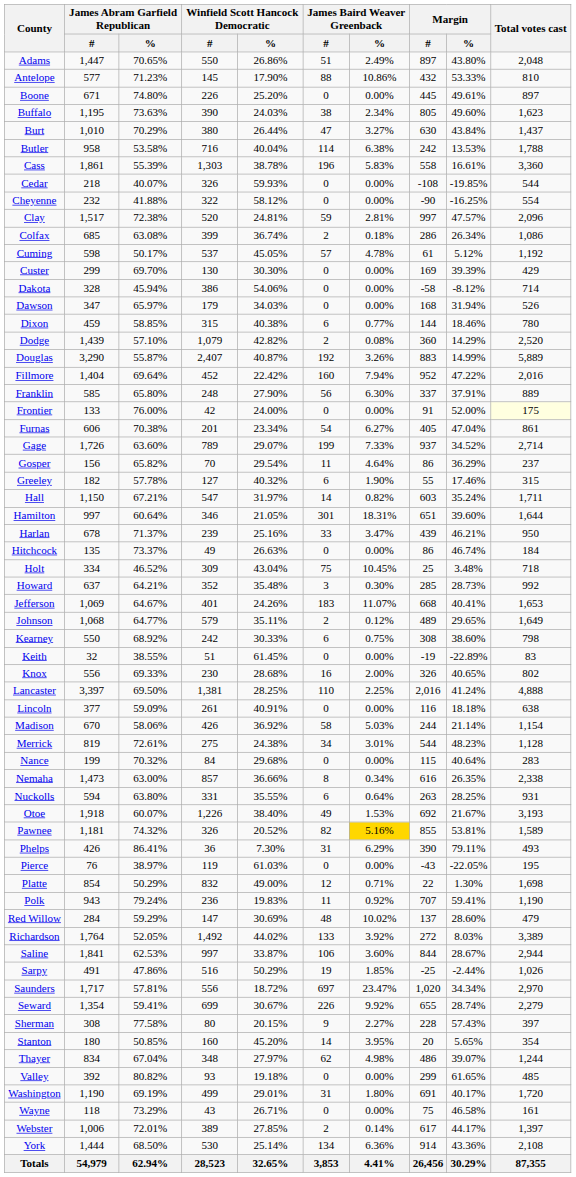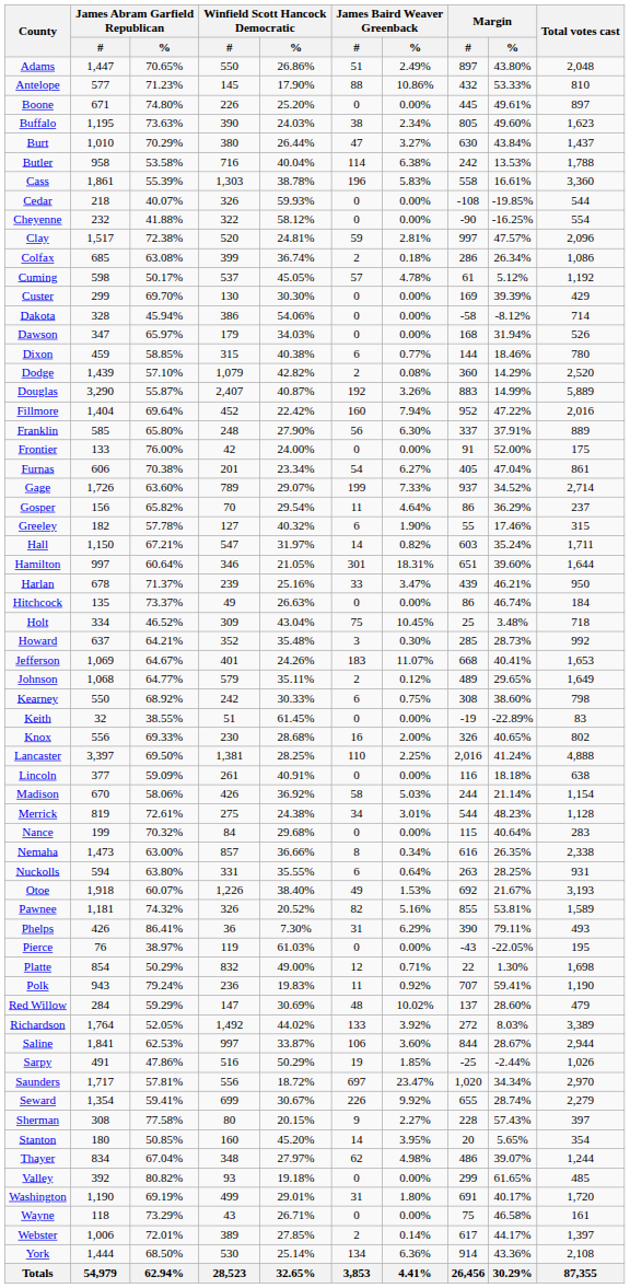 <table width="65%" class="wikitable sortable" style="text-align:center">
 <tr>
 <th style="text-align:center;" rowspan="2">County</th>
 <th style="text-align:center;" colspan="2">James Abram Garfield<br>Republican</th>
 <th style="text-align:center;" colspan="2">Winfield Scott Hancock<br>Democratic</th>
 <th style="text-align:center;" colspan="2">James Baird Weaver<br>Greenback</th>
 <th style="text-align:center;" colspan="2">Margin</th>
 <th style="text-align:center;" rowspan="2">Total votes cast</th>
 </tr>
 <tr>
 <th data-sort-type="number">#</th>
 <th data-sort-type="number">%</th>
 <th data-sort-type="number">#</th>
 <th data-sort-type="number">%</th>
 <th data-sort-type="number">#</th>
 <th data-sort-type="number">%</th>
 <th data-sort-type="number">#</th>
 <th data-sort-type="number">%</th>
 </tr>
 <tr style="text-align:center;">
 <td><a href='#'>Adams</a></td>
 <td>1,447</td>
 <td>70.65%</td>
 <td>550</td>
 <td>26.86%</td>
 <td>51</td>
 <td>2.49%</td>
 <td>897</td>
 <td>43.80%</td>
 <td>2,048</td>
 </tr>
 <tr style="text-align:center;">
 <td><a href='#'>Antelope</a></td>
 <td>577</td>
 <td>71.23%</td>
 <td>145</td>
 <td>17.90%</td>
 <td>88</td>
 <td>10.86%</td>
 <td>432</td>
 <td>53.33%</td>
 <td>810</td>
 </tr>
 <tr style="text-align:center;">
 <td><a href='#'>Boone</a></td>
 <td>671</td>
 <td>74.80%</td>
 <td>226</td>
 <td>25.20%</td>
 <td>0</td>
 <td>0.00%</td>
 <td>445</td>
 <td>49.61%</td>
 <td>897</td>
 </tr>
 <tr style="text-align:center;">
 <td><a href='#'>Buffalo</a></td>
 <td>1,195</td>
 <td>73.63%</td>
 <td>390</td>
 <td>24.03%</td>
 <td>38</td>
 <td>2.34%</td>
 <td>805</td>
 <td>49.60%</td>
 <td>1,623</td>
 </tr>
 <tr style="text-align:center;">
 <td><a href='#'>Burt</a></td>
 <td>1,010</td>
 <td>70.29%</td>
 <td>380</td>
 <td>26.44%</td>
 <td>47</td>
 <td>3.27%</td>
 <td>630</td>
 <td>43.84%</td>
 <td>1,437</td>
 </tr>
 <tr style="text-align:center;">
 <td><a href='#'>Butler</a></td>
 <td>958</td>
 <td>53.58%</td>
 <td>716</td>
 <td>40.04%</td>
 <td>114</td>
 <td>6.38%</td>
 <td>242</td>
 <td>13.53%</td>
 <td>1,788</td>
 </tr>
 <tr style="text-align:center;">
 <td><a href='#'>Cass</a></td>
 <td>1,861</td>
 <td>55.39%</td>
 <td>1,303</td>
 <td>38.78%</td>
 <td>196</td>
 <td>5.83%</td>
 <td>558</td>
 <td>16.61%</td>
 <td>3,360</td>
 </tr>
 <tr style="text-align:center;">
 <td><a href='#'>Cedar</a></td>
 <td>218</td>
 <td>40.07%</td>
 <td>326</td>
 <td>59.93%</td>
 <td>0</td>
 <td>0.00%</td>
 <td>-108</td>
 <td>-19.85%</td>
 <td>544</td>
 </tr>
 <tr style="text-align:center;">
 <td><a href='#'>Cheyenne</a></td>
 <td>232</td>
 <td>41.88%</td>
 <td>322</td>
 <td>58.12%</td>
 <td>0</td>
 <td>0.00%</td>
 <td>-90</td>
 <td>-16.25%</td>
 <td>554</td>
 </tr>
 <tr style="text-align:center;">
 <td><a href='#'>Clay</a></td>
 <td>1,517</td>
 <td>72.38%</td>
 <td>520</td>
 <td>24.81%</td>
 <td>59</td>
 <td>2.81%</td>
 <td>997</td>
 <td>47.57%</td>
 <td>2,096</td>
 </tr>
 <tr style="text-align:center;">
 <td><a href='#'>Colfax</a></td>
 <td>685</td>
 <td>63.08%</td>
 <td>399</td>
 <td>36.74%</td>
 <td>2</td>
 <td>0.18%</td>
 <td>286</td>
 <td>26.34%</td>
 <td>1,086</td>
 </tr>
 <tr style="text-align:center;">
 <td><a href='#'>Cuming</a></td>
 <td>598</td>
 <td>50.17%</td>
 <td>537</td>
 <td>45.05%</td>
 <td>57</td>
 <td>4.78%</td>
 <td>61</td>
 <td>5.12%</td>
 <td>1,192</td>
 </tr>
 <tr style="text-align:center;">
 <td><a href='#'>Custer</a></td>
 <td>299</td>
 <td>69.70%</td>
 <td>130</td>
 <td>30.30%</td>
 <td>0</td>
 <td>0.00%</td>
 <td>169</td>
 <td>39.39%</td>
 <td>429</td>
 </tr>
 <tr style="text-align:center;">
 <td><a href='#'>Dakota</a></td>
 <td>328</td>
 <td>45.94%</td>
 <td>386</td>
 <td>54.06%</td>
 <td>0</td>
 <td>0.00%</td>
 <td>-58</td>
 <td>-8.12%</td>
 <td>714</td>
 </tr>
 <tr style="text-align:center;">
 <td><a href='#'>Dawson</a></td>
 <td>347</td>
 <td>65.97%</td>
 <td>179</td>
 <td>34.03%</td>
 <td>0</td>
 <td>0.00%</td>
 <td>168</td>
 <td>31.94%</td>
 <td>526</td>
 </tr>
 <tr style="text-align:center;">
 <td><a href='#'>Dixon</a></td>
 <td>459</td>
 <td>58.85%</td>
 <td>315</td>
 <td>40.38%</td>
 <td>6</td>
 <td>0.77%</td>
 <td>144</td>
 <td>18.46%</td>
 <td>780</td>
 </tr>
 <tr style="text-align:center;">
 <td><a href='#'>Dodge</a></td>
 <td>1,439</td>
 <td>57.10%</td>
 <td>1,079</td>
 <td>42.82%</td>
 <td>2</td>
 <td>0.08%</td>
 <td>360</td>
 <td>14.29%</td>
 <td>2,520</td>
 </tr>
 <tr style="text-align:center;">
 <td><a href='#'>Douglas</a></td>
 <td>3,290</td>
 <td>55.87%</td>
 <td>2,407</td>
 <td>40.87%</td>
 <td>192</td>
 <td>3.26%</td>
 <td>883</td>
 <td>14.99%</td>
 <td>5,889</td>
 </tr>
 <tr style="text-align:center;">
 <td><a href='#'>Fillmore</a></td>
 <td>1,404</td>
 <td>69.64%</td>
 <td>452</td>
 <td>22.42%</td>
 <td>160</td>
 <td>7.94%</td>
 <td>952</td>
 <td>47.22%</td>
 <td>2,016</td>
 </tr>
 <tr style="text-align:center;">
 <td><a href='#'>Franklin</a></td>
 <td>585</td>
 <td>65.80%</td>
 <td>248</td>
 <td>27.90%</td>
 <td>56</td>
 <td>6.30%</td>
 <td>337</td>
 <td>37.91%</td>
 <td>889</td>
 </tr>
 <tr style="text-align:center;">
 <td><a href='#'>Frontier</a></td>
 <td>133</td>
 <td>76.00%</td>
 <td>42</td>
 <td>24.00%</td>
 <td>0</td>
 <td>0.00%</td>
 <td>91</td>
 <td>52.00%</td>
-<td style="background: lightyellow;">175</td>
+<td>175</td>
 </tr>
 <tr style="text-align:center;">
 <td><a href='#'>Furnas</a></td>
 <td>606</td>
 <td>70.38%</td>
 <td>201</td>
 <td>23.34%</td>
 <td>54</td>
 <td>6.27%</td>
 <td>405</td>
 <td>47.04%</td>
 <td>861</td>
 </tr>
 <tr style="text-align:center;">
 <td><a href='#'>Gage</a></td>
 <td>1,726</td>
 <td>63.60%</td>
 <td>789</td>
 <td>29.07%</td>
 <td>199</td>
 <td>7.33%</td>
 <td>937</td>
 <td>34.52%</td>
 <td>2,714</td>
 </tr>
 <tr style="text-align:center;">
 <td><a href='#'>Gosper</a></td>
 <td>156</td>
 <td>65.82%</td>
 <td>70</td>
 <td>29.54%</td>
 <td>11</td>
 <td>4.64%</td>
 <td>86</td>
 <td>36.29%</td>
 <td>237</td>
 </tr>
 <tr style="text-align:center;">
 <td><a href='#'>Greeley</a></td>
 <td>182</td>
 <td>57.78%</td>
 <td>127</td>
 <td>40.32%</td>
 <td>6</td>
 <td>1.90%</td>
 <td>55</td>
 <td>17.46%</td>
 <td>315</td>
 </tr>
 <tr style="text-align:center;">
 <td><a href='#'>Hall</a></td>
 <td>1,150</td>
 <td>67.21%</td>
 <td>547</td>
 <td>31.97%</td>
 <td>14</td>
 <td>0.82%</td>
 <td>603</td>
 <td>35.24%</td>
 <td>1,711</td>
 </tr>
 <tr style="text-align:center;">
 <td><a href='#'>Hamilton</a></td>
 <td>997</td>
 <td>60.64%</td>
 <td>346</td>
 <td>21.05%</td>
 <td>301</td>
 <td>18.31%</td>
 <td>651</td>
 <td>39.60%</td>
 <td>1,644</td>
 </tr>
 <tr style="text-align:center;">
 <td><a href='#'>Harlan</a></td>
 <td>678</td>
 <td>71.37%</td>
 <td>239</td>
 <td>25.16%</td>
 <td>33</td>
 <td>3.47%</td>
 <td>439</td>
 <td>46.21%</td>
 <td>950</td>
 </tr>
 <tr style="text-align:center;">
 <td><a href='#'>Hitchcock</a></td>
 <td>135</td>
 <td>73.37%</td>
 <td>49</td>
 <td>26.63%</td>
 <td>0</td>
 <td>0.00%</td>
 <td>86</td>
 <td>46.74%</td>
 <td>184</td>
 </tr>
 <tr style="text-align:center;">
 <td><a href='#'>Holt</a></td>
 <td>334</td>
 <td>46.52%</td>
 <td>309</td>
 <td>43.04%</td>
 <td>75</td>
 <td>10.45%</td>
 <td>25</td>
 <td>3.48%</td>
 <td>718</td>
 </tr>
 <tr style="text-align:center;">
 <td><a href='#'>Howard</a></td>
 <td>637</td>
 <td>64.21%</td>
 <td>352</td>
 <td>35.48%</td>
 <td>3</td>
 <td>0.30%</td>
 <td>285</td>
 <td>28.73%</td>
 <td>992</td>
 </tr>
 <tr style="text-align:center;">
 <td><a href='#'>Jefferson</a></td>
 <td>1,069</td>
 <td>64.67%</td>
 <td>401</td>
 <td>24.26%</td>
 <td>183</td>
 <td>11.07%</td>
 <td>668</td>
 <td>40.41%</td>
 <td>1,653</td>
 </tr>
 <tr style="text-align:center;">
 <td><a href='#'>Johnson</a></td>
 <td>1,068</td>
 <td>64.77%</td>
 <td>579</td>
 <td>35.11%</td>
 <td>2</td>
 <td>0.12%</td>
 <td>489</td>
 <td>29.65%</td>
 <td>1,649</td>
 </tr>
 <tr style="text-align:center;">
 <td><a href='#'>Kearney</a></td>
 <td>550</td>
 <td>68.92%</td>
 <td>242</td>
 <td>30.33%</td>
 <td>6</td>
 <td>0.75%</td>
 <td>308</td>
 <td>38.60%</td>
 <td>798</td>
 </tr>
 <tr style="text-align:center;">
 <td><a href='#'>Keith</a></td>
 <td>32</td>
 <td>38.55%</td>
 <td>51</td>
 <td>61.45%</td>
 <td>0</td>
 <td>0.00%</td>
 <td>-19</td>
 <td>-22.89%</td>
 <td>83</td>
 </tr>
 <tr style="text-align:center;">
 <td><a href='#'>Knox</a></td>
 <td>556</td>
 <td>69.33%</td>
 <td>230</td>
 <td>28.68%</td>
 <td>16</td>
 <td>2.00%</td>
 <td>326</td>
 <td>40.65%</td>
 <td>802</td>
 </tr>
 <tr style="text-align:center;">
 <td><a href='#'>Lancaster</a></td>
 <td>3,397</td>
 <td>69.50%</td>
 <td>1,381</td>
 <td>28.25%</td>
 <td>110</td>
 <td>2.25%</td>
 <td>2,016</td>
 <td>41.24%</td>
 <td>4,888</td>
 </tr>
 <tr style="text-align:center;">
 <td><a href='#'>Lincoln</a></td>
 <td>377</td>
 <td>59.09%</td>
 <td>261</td>
 <td>40.91%</td>
 <td>0</td>
 <td>0.00%</td>
 <td>116</td>
 <td>18.18%</td>
 <td>638</td>
 </tr>
 <tr style="text-align:center;">
 <td><a href='#'>Madison</a></td>
 <td>670</td>
 <td>58.06%</td>
 <td>426</td>
 <td>36.92%</td>
 <td>58</td>
 <td>5.03%</td>
 <td>244</td>
 <td>21.14%</td>
 <td>1,154</td>
 </tr>
 <tr style="text-align:center;">
 <td><a href='#'>Merrick</a></td>
 <td>819</td>
 <td>72.61%</td>
 <td>275</td>
 <td>24.38%</td>
 <td>34</td>
 <td>3.01%</td>
 <td>544</td>
 <td>48.23%</td>
 <td>1,128</td>
 </tr>
 <tr style="text-align:center;">
 <td><a href='#'>Nance</a></td>
 <td>199</td>
 <td>70.32%</td>
 <td>84</td>
 <td>29.68%</td>
 <td>0</td>
 <td>0.00%</td>
 <td>115</td>
 <td>40.64%</td>
 <td>283</td>
 </tr>
 <tr style="text-align:center;">
 <td><a href='#'>Nemaha</a></td>
 <td>1,473</td>
 <td>63.00%</td>
 <td>857</td>
 <td>36.66%</td>
 <td>8</td>
 <td>0.34%</td>
 <td>616</td>
 <td>26.35%</td>
 <td>2,338</td>
 </tr>
 <tr style="text-align:center;">
 <td><a href='#'>Nuckolls</a></td>
 <td>594</td>
 <td>63.80%</td>
 <td>331</td>
 <td>35.55%</td>
 <td>6</td>
 <td>0.64%</td>
 <td>263</td>
 <td>28.25%</td>
 <td>931</td>
 </tr>
 <tr style="text-align:center;">
 <td><a href='#'>Otoe</a></td>
 <td>1,918</td>
 <td>60.07%</td>
 <td>1,226</td>
 <td>38.40%</td>
 <td>49</td>
 <td>1.53%</td>
 <td>692</td>
 <td>21.67%</td>
 <td>3,193</td>
 </tr>
 <tr style="text-align:center;">
 <td><a href='#'>Pawnee</a></td>
 <td>1,181</td>
 <td>74.32%</td>
 <td>326</td>
 <td>20.52%</td>
 <td>82</td>
-<td style="background: gold;">5.16%</td>
+<td>5.16%</td>
 <td>855</td>
 <td>53.81%</td>
 <td>1,589</td>
 </tr>
 <tr style="text-align:center;">
 <td><a href='#'>Phelps</a></td>
 <td>426</td>
 <td>86.41%</td>
 <td>36</td>
 <td>7.30%</td>
 <td>31</td>
 <td>6.29%</td>
 <td>390</td>
 <td>79.11%</td>
 <td>493</td>
 </tr>
 <tr style="text-align:center;">
 <td><a href='#'>Pierce</a></td>
 <td>76</td>
 <td>38.97%</td>
 <td>119</td>
 <td>61.03%</td>
 <td>0</td>
 <td>0.00%</td>
 <td>-43</td>
 <td>-22.05%</td>
 <td>195</td>
 </tr>
 <tr style="text-align:center;">
 <td><a href='#'>Platte</a></td>
 <td>854</td>
 <td>50.29%</td>
 <td>832</td>
 <td>49.00%</td>
 <td>12</td>
 <td>0.71%</td>
 <td>22</td>
 <td>1.30%</td>
 <td>1,698</td>
 </tr>
 <tr style="text-align:center;">
 <td><a href='#'>Polk</a></td>
 <td>943</td>
 <td>79.24%</td>
 <td>236</td>
 <td>19.83%</td>
 <td>11</td>
 <td>0.92%</td>
 <td>707</td>
 <td>59.41%</td>
 <td>1,190</td>
 </tr>
 <tr style="text-align:center;">
 <td><a href='#'>Red Willow</a></td>
 <td>284</td>
 <td>59.29%</td>
 <td>147</td>
 <td>30.69%</td>
 <td>48</td>
 <td>10.02%</td>
 <td>137</td>
 <td>28.60%</td>
 <td>479</td>
 </tr>
 <tr style="text-align:center;">
 <td><a href='#'>Richardson</a></td>
 <td>1,764</td>
 <td>52.05%</td>
 <td>1,492</td>
 <td>44.02%</td>
 <td>133</td>
 <td>3.92%</td>
 <td>272</td>
 <td>8.03%</td>
 <td>3,389</td>
 </tr>
 <tr style="text-align:center;">
 <td><a href='#'>Saline</a></td>
 <td>1,841</td>
 <td>62.53%</td>
 <td>997</td>
 <td>33.87%</td>
 <td>106</td>
 <td>3.60%</td>
 <td>844</td>
 <td>28.67%</td>
 <td>2,944</td>
 </tr>
 <tr style="text-align:center;">
 <td><a href='#'>Sarpy</a></td>
 <td>491</td>
 <td>47.86%</td>
 <td>516</td>
 <td>50.29%</td>
 <td>19</td>
 <td>1.85%</td>
 <td>-25</td>
 <td>-2.44%</td>
 <td>1,026</td>
 </tr>
 <tr style="text-align:center;">
 <td><a href='#'>Saunders</a></td>
 <td>1,717</td>
 <td>57.81%</td>
 <td>556</td>
 <td>18.72%</td>
 <td>697</td>
 <td>23.47%</td>
 <td>1,020</td>
 <td>34.34%</td>
 <td>2,970</td>
 </tr>
 <tr style="text-align:center;">
 <td><a href='#'>Seward</a></td>
 <td>1,354</td>
 <td>59.41%</td>
 <td>699</td>
 <td>30.67%</td>
 <td>226</td>
 <td>9.92%</td>
 <td>655</td>
 <td>28.74%</td>
 <td>2,279</td>
 </tr>
 <tr style="text-align:center;">
 <td><a href='#'>Sherman</a></td>
 <td>308</td>
 <td>77.58%</td>
 <td>80</td>
 <td>20.15%</td>
 <td>9</td>
 <td>2.27%</td>
 <td>228</td>
 <td>57.43%</td>
 <td>397</td>
 </tr>
 <tr style="text-align:center;">
 <td><a href='#'>Stanton</a></td>
 <td>180</td>
 <td>50.85%</td>
 <td>160</td>
 <td>45.20%</td>
 <td>14</td>
 <td>3.95%</td>
 <td>20</td>
 <td>5.65%</td>
 <td>354</td>
 </tr>
 <tr style="text-align:center;">
 <td><a href='#'>Thayer</a></td>
 <td>834</td>
 <td>67.04%</td>
 <td>348</td>
 <td>27.97%</td>
 <td>62</td>
 <td>4.98%</td>
 <td>486</td>
 <td>39.07%</td>
 <td>1,244</td>
 </tr>
 <tr style="text-align:center;">
 <td><a href='#'>Valley</a></td>
 <td>392</td>
 <td>80.82%</td>
 <td>93</td>
 <td>19.18%</td>
 <td>0</td>
 <td>0.00%</td>
 <td>299</td>
 <td>61.65%</td>
 <td>485</td>
 </tr>
 <tr style="text-align:center;">
 <td><a href='#'>Washington</a></td>
 <td>1,190</td>
 <td>69.19%</td>
 <td>499</td>
 <td>29.01%</td>
 <td>31</td>
 <td>1.80%</td>
 <td>691</td>
 <td>40.17%</td>
 <td>1,720</td>
 </tr>
 <tr style="text-align:center;">
 <td><a href='#'>Wayne</a></td>
 <td>118</td>
 <td>73.29%</td>
 <td>43</td>
 <td>26.71%</td>
 <td>0</td>
 <td>0.00%</td>
 <td>75</td>
 <td>46.58%</td>
 <td>161</td>
 </tr>
 <tr style="text-align:center;">
 <td><a href='#'>Webster</a></td>
 <td>1,006</td>
 <td>72.01%</td>
 <td>389</td>
 <td>27.85%</td>
 <td>2</td>
 <td>0.14%</td>
 <td>617</td>
 <td>44.17%</td>
 <td>1,397</td>
 </tr>
 <tr style="text-align:center;">
 <td><a href='#'>York</a></td>
 <td>1,444</td>
 <td>68.50%</td>
 <td>530</td>
 <td>25.14%</td>
 <td>134</td>
 <td>6.36%</td>
 <td>914</td>
 <td>43.36%</td>
 <td>2,108</td>
 </tr>
 <tr style="text-align:center;">
 <th>Totals</th>
 <th>54,979</th>
 <th>62.94%</th>
 <th>28,523</th>
 <th>32.65%</th>
 <th>3,853</th>
 <th>4.41%</th>
 <th>26,456</th>
 <th>30.29%</th>
 <th>87,355</th>
 </tr>
 </table>
